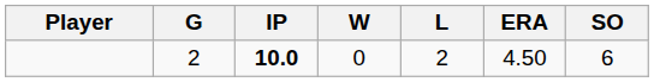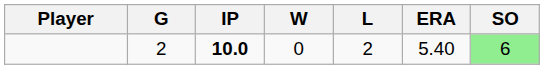 <table class="wikitable sortable">
 <tr>
 <th bgcolor="#DDDDFF" width="16%">Player</th>
 <th bgcolor="#DDDDFF" width="9%">G</th>
 <th bgcolor="#DDDDFF" width="9%">IP</th>
 <th bgcolor="#DDDDFF" width="9%">W</th>
 <th bgcolor="#DDDDFF" width="9%">L</th>
 <th bgcolor="#DDDDFF" width="9%">ERA</th>
 <th bgcolor="#DDDDFF" width="9%">SO</th>
 </tr>
 <tr align="center">
 <td></td>
 <td>2</td>
 <td><strong>10.0</strong></td>
 <td>0</td>
 <td>2</td>
-<td>4.50</td>
-<td>6</td>
+<td>5.40</td>
+<td style="background: lightgreen;">6</td>
 </tr>
 </table>
